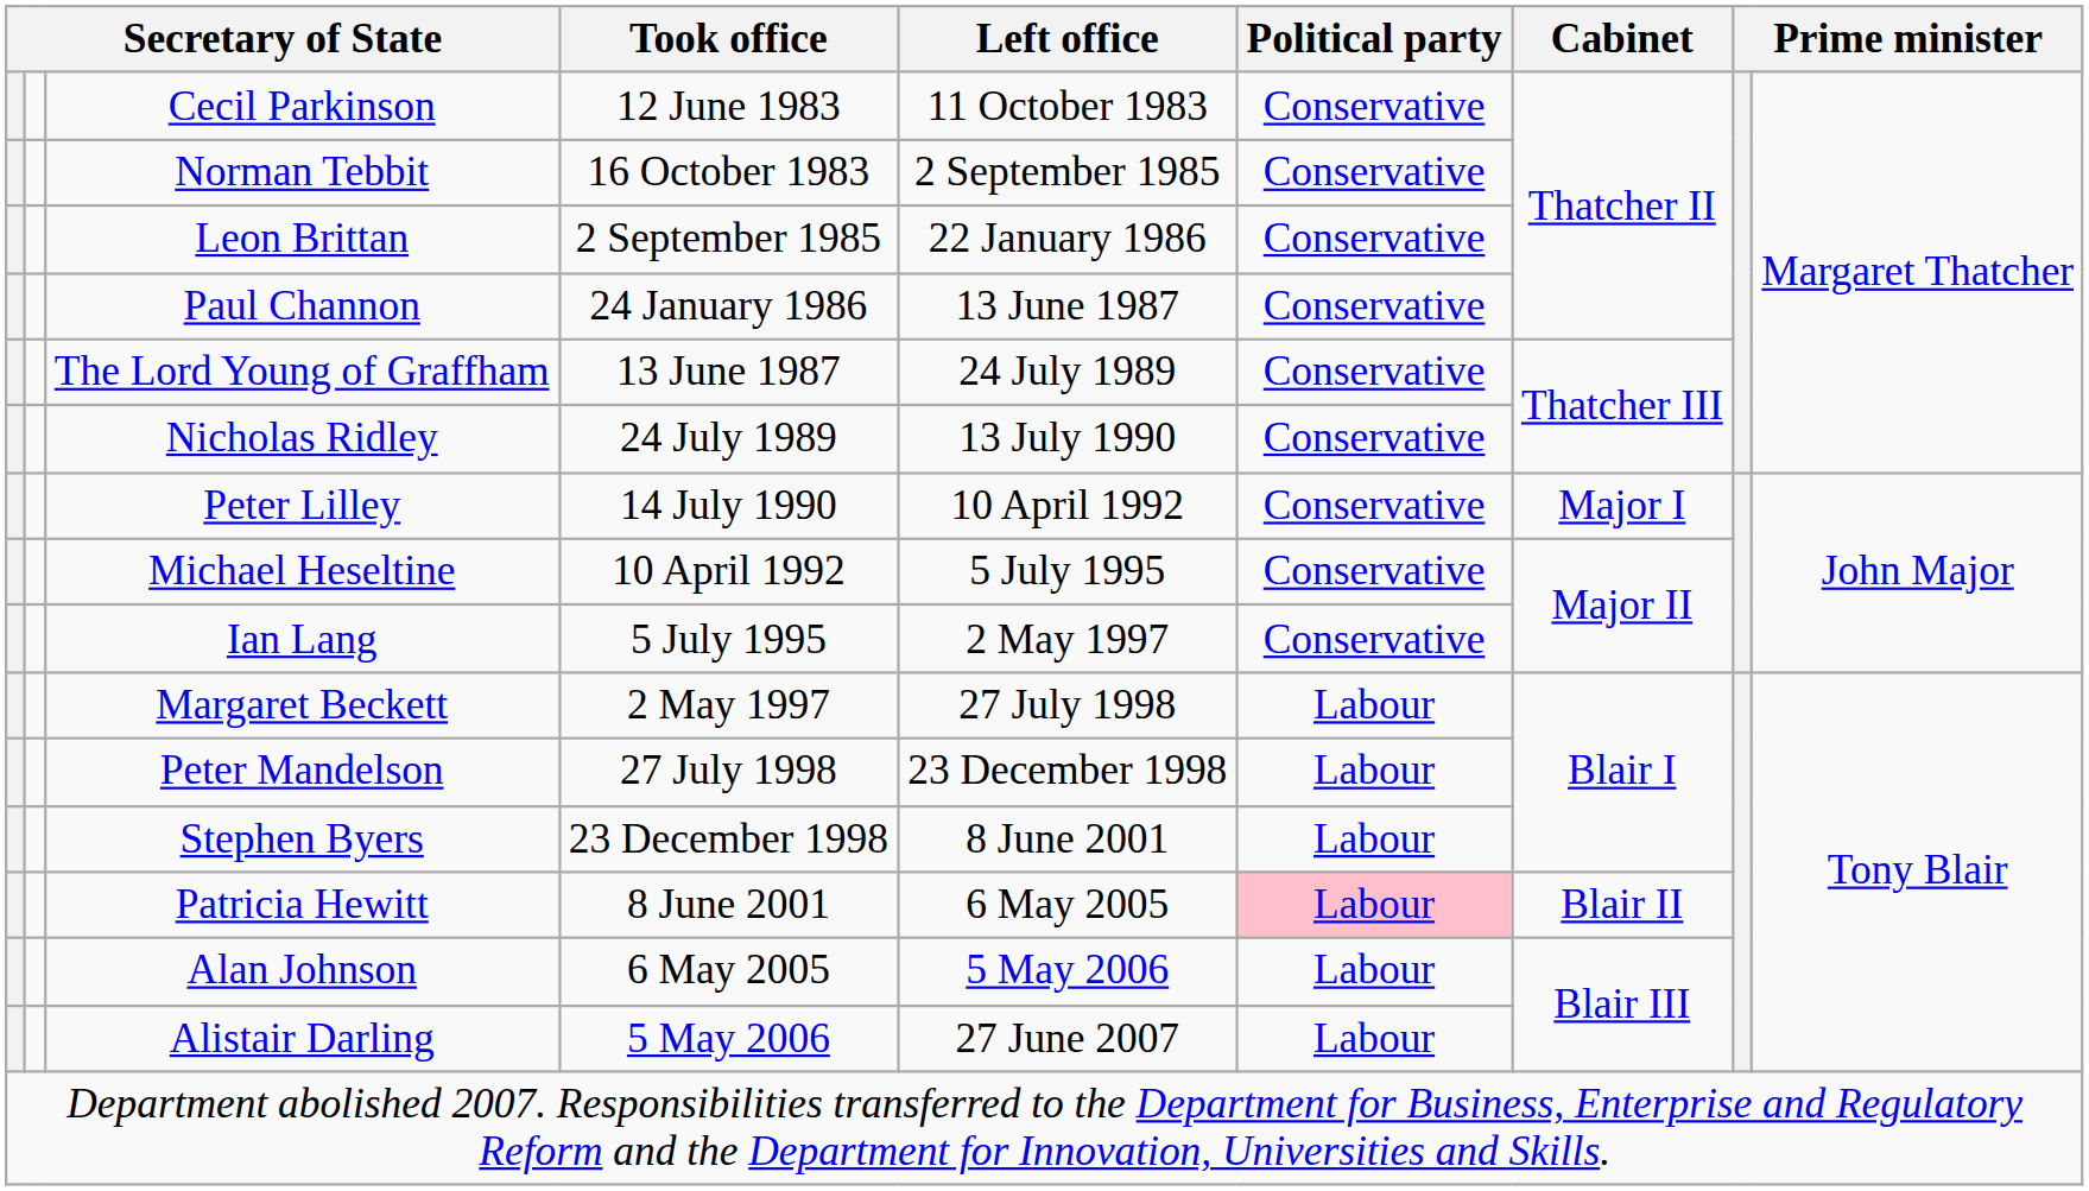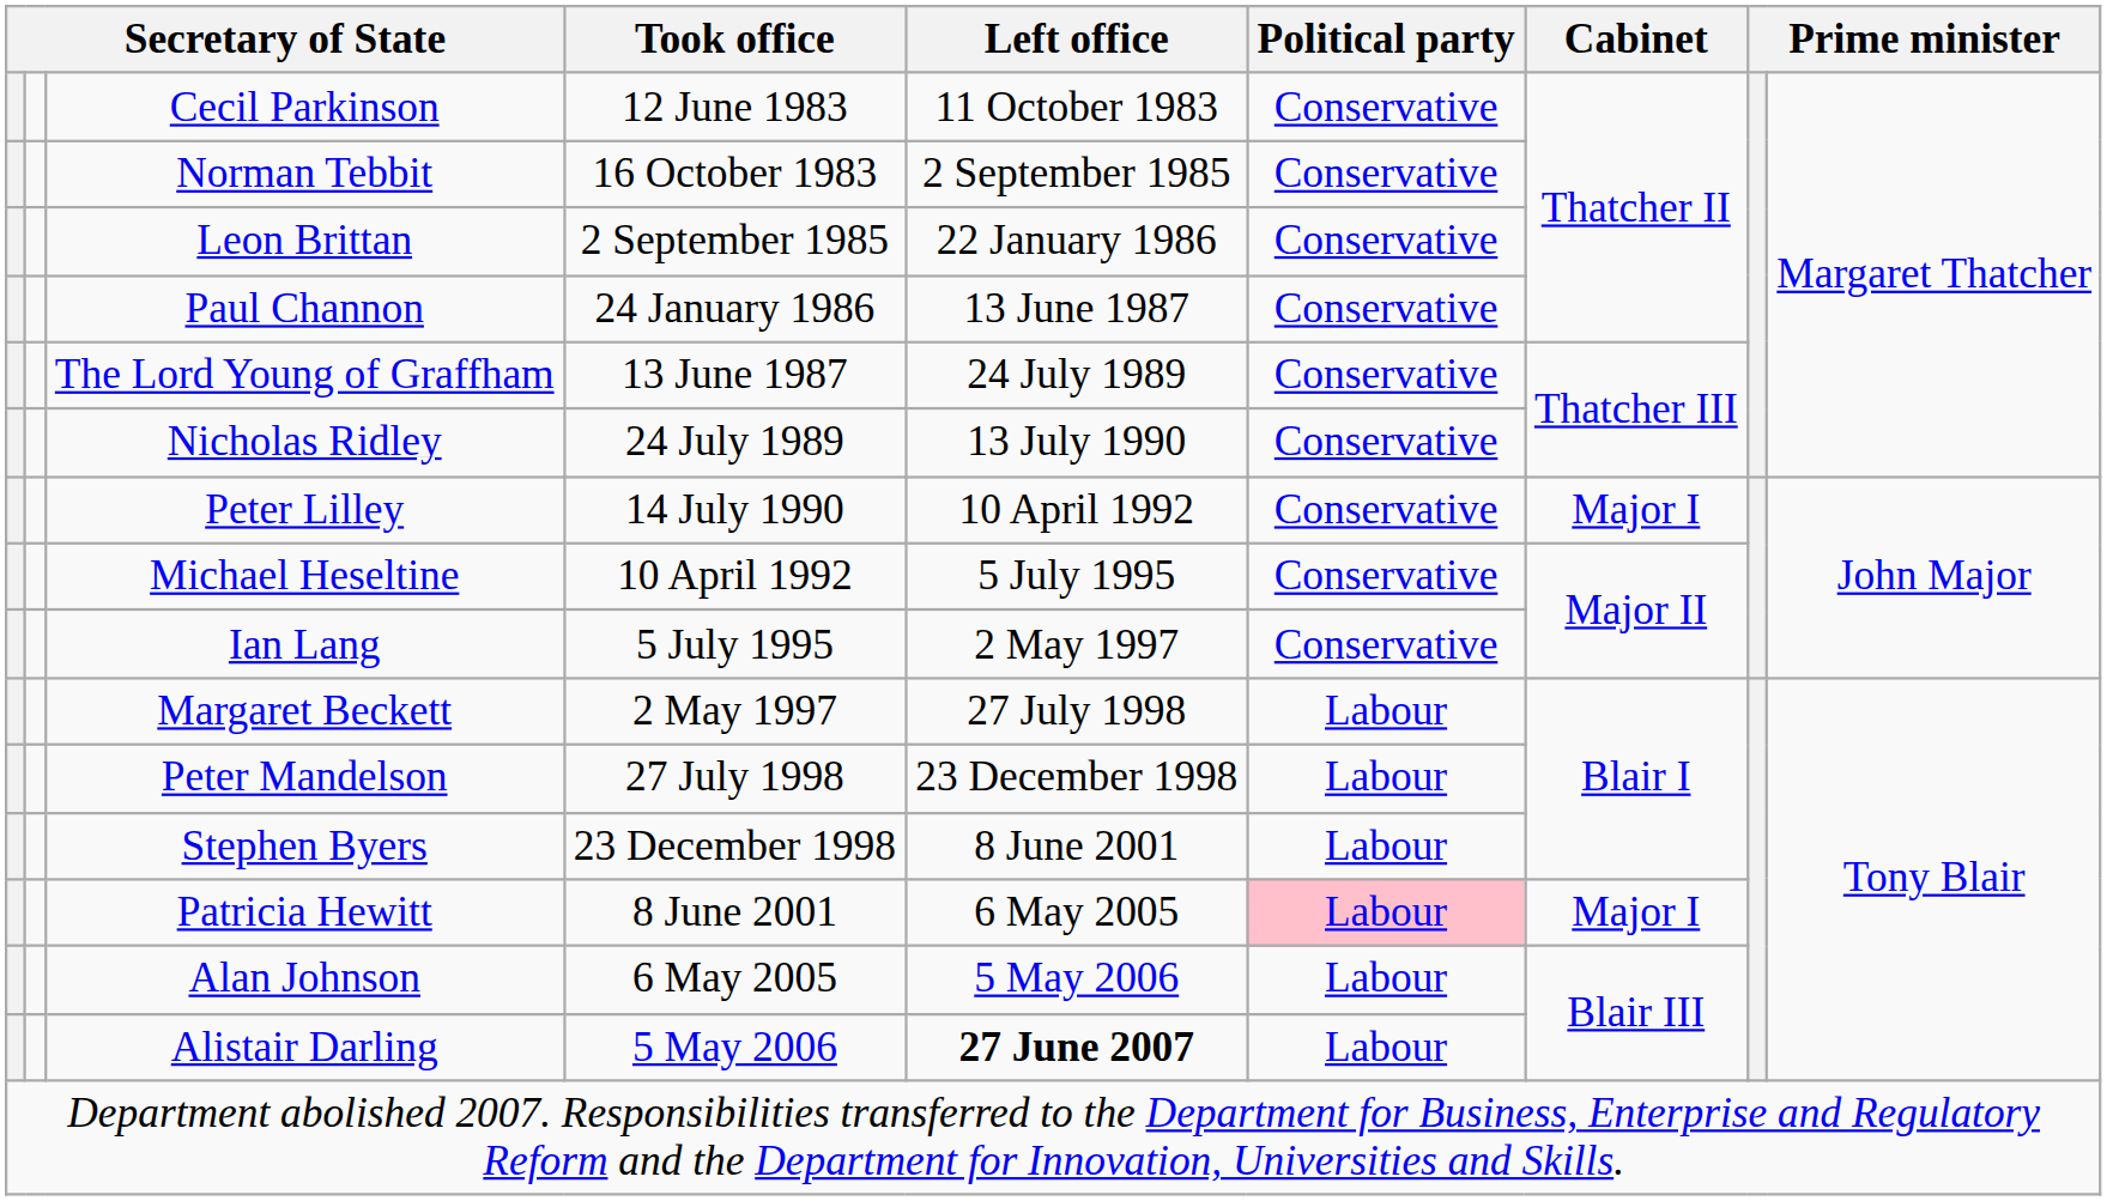 <table class="wikitable" style="text-align:center">
 <tr>
 <th colspan=3>Secretary of State</th>
 <th>Took office</th>
 <th>Left office</th>
 <th>Political party</th>
 <th>Cabinet</th>
 <th colspan="2">Prime minister</th>
 </tr>
 <tr>
 <th style="background-color:"></th>
 <td></td>
 <td><a href='#'>Cecil Parkinson</a><br></td>
 <td>12 June 1983</td>
 <td>11 October 1983</td>
 <td><a href='#'>Conservative</a></td>
 <td rowspan="4" ><a href='#'>Thatcher II</a></td>
 <th rowspan="7" style="background-color:"></th>
 <td rowspan=7><a href='#'>Margaret Thatcher</a></td>
 </tr>
 <tr>
 <th style="background-color:"></th>
 <td></td>
 <td><a href='#'>Norman Tebbit</a><br></td>
 <td>16 October 1983</td>
 <td>2 September 1985</td>
 <td><a href='#'>Conservative</a></td>
 </tr>
 <tr>
 <th style="background-color:"></th>
 <td></td>
 <td><a href='#'>Leon Brittan</a><br></td>
 <td>2 September 1985</td>
 <td>22 January 1986</td>
 <td><a href='#'>Conservative</a></td>
 </tr>
 <tr>
 <th style="background-color:"></th>
 <td></td>
 <td><a href='#'>Paul Channon</a><br></td>
 <td>24 January 1986</td>
 <td>13 June 1987</td>
 <td><a href='#'>Conservative</a></td>
 </tr>
 <tr>
 <th style="background-color:"></th>
 <td></td>
 <td><a href='#'>The Lord Young of Graffham</a></td>
 <td>13 June 1987</td>
 <td>24 July 1989</td>
 <td><a href='#'>Conservative</a></td>
 <td rowspan="3" ><a href='#'>Thatcher III</a></td>
 </tr>
 <tr>
 <th style="background-color:"></th>
 <td></td>
 <td><a href='#'>Nicholas Ridley</a><br></td>
 <td>24 July 1989</td>
 <td>13 July 1990</td>
 <td><a href='#'>Conservative</a></td>
 </tr>
 <tr>
 <th rowspan=2 style="background-color:"></th>
 <td rowspan=2></td>
 <td rowspan=2><a href='#'>Peter Lilley</a><br></td>
 <td rowspan=2>14 July 1990</td>
 <td rowspan=2>10 April 1992</td>
 <td rowspan=2 ><a href='#'>Conservative</a></td>
 </tr>
 <tr>
 <td><a href='#'>Major I</a></td>
 <th rowspan=3 style="background-color:"></th>
 <td rowspan=3><a href='#'>John Major</a></td>
 </tr>
 <tr>
 <th style="background-color:"></th>
 <td></td>
 <td><a href='#'>Michael Heseltine</a><br></td>
 <td>10 April 1992</td>
 <td>5 July 1995</td>
 <td><a href='#'>Conservative</a></td>
 <td rowspan="2" ><a href='#'>Major II</a></td>
 </tr>
 <tr>
 <th style="background-color:"></th>
 <td></td>
 <td><a href='#'>Ian Lang</a><br></td>
 <td>5 July 1995</td>
 <td>2 May 1997</td>
 <td><a href='#'>Conservative</a></td>
 </tr>
 <tr>
 <th style="background-color:"></th>
 <td></td>
 <td><a href='#'>Margaret Beckett</a><br></td>
 <td>2 May 1997</td>
 <td>27 July 1998</td>
 <td><a href='#'>Labour</a></td>
 <td rowspan="3" ><a href='#'>Blair I</a></td>
 <th rowspan="6" style="background-color:"></th>
 <td rowspan=6><a href='#'>Tony Blair</a></td>
 </tr>
 <tr>
 <th style="background-color:"></th>
 <td></td>
 <td><a href='#'>Peter Mandelson</a><br></td>
 <td>27 July 1998</td>
 <td>23 December 1998</td>
 <td><a href='#'>Labour</a></td>
 </tr>
 <tr>
 <th style="background-color:"></th>
 <td></td>
 <td><a href='#'>Stephen Byers</a><br></td>
 <td>23 December 1998</td>
 <td>8 June 2001</td>
 <td><a href='#'>Labour</a></td>
 </tr>
 <tr>
 <th style="background-color:"></th>
 <td></td>
 <td><a href='#'>Patricia Hewitt</a><br></td>
 <td>8 June 2001</td>
 <td>6 May 2005</td>
 <td style="background: pink;"><a href='#'>Labour</a></td>
-<td><a href='#'>Blair II</a></td>
+<td><a href='#'>Major I</a></td>
 </tr>
 <tr>
 <th style="background-color:"></th>
 <td></td>
 <td><a href='#'>Alan Johnson</a><br></td>
 <td>6 May 2005</td>
 <td><a href='#'>5 May 2006</a></td>
 <td><a href='#'>Labour</a></td>
 <td rowspan="2" ><a href='#'>Blair III</a></td>
 </tr>
 <tr>
 <th style="background-color:"></th>
 <td></td>
 <td><a href='#'>Alistair Darling</a><br></td>
 <td><a href='#'>5 May 2006</a></td>
-<td>27 June 2007</td>
+<td><strong>27 June 2007</strong></td>
 <td><a href='#'>Labour</a></td>
 </tr>
 <tr>
 <td colspan="9" style="width:10px"><em>Department abolished 2007. Responsibilities transferred to the <a href='#'>Department for Business, Enterprise and Regulatory Reform</a> and the <a href='#'>Department for Innovation, Universities and Skills</a>.</em></td>
 </tr>
 </table>
